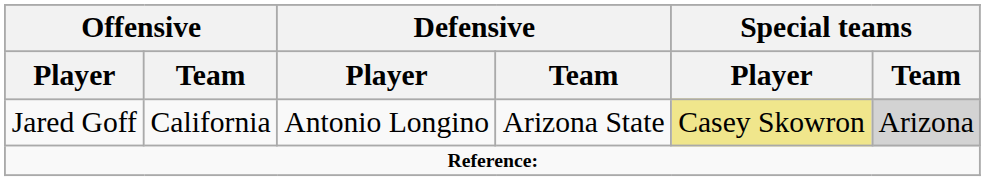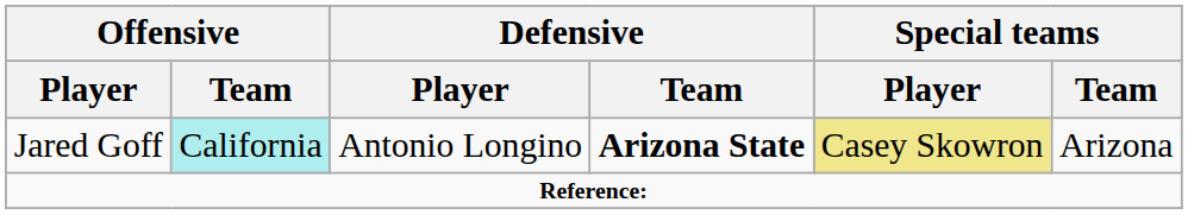 <table class="wikitable">
 <tr>
 <th colspan="2">Offensive</th>
 <th colspan="2">Defensive</th>
 <th colspan="2">Special teams</th>
 </tr>
 <tr>
 <th>Player</th>
 <th>Team</th>
 <th>Player</th>
 <th>Team</th>
 <th>Player</th>
 <th>Team</th>
 </tr>
 <tr>
 <td>Jared Goff</td>
-<td>California</td>
+<td style="background: paleturquoise;">California</td>
 <td>Antonio Longino</td>
-<td>Arizona State</td>
+<td><strong>Arizona State</strong></td>
 <td style="background: khaki;">Casey Skowron</td>
-<td style="background: lightgrey;">Arizona</td>
+<td>Arizona</td>
 </tr>
 <tr>
 <td colspan="12"  style="font-size:8pt; text-align:center;"><strong>Reference:</strong></td>
 </tr>
 </table>
